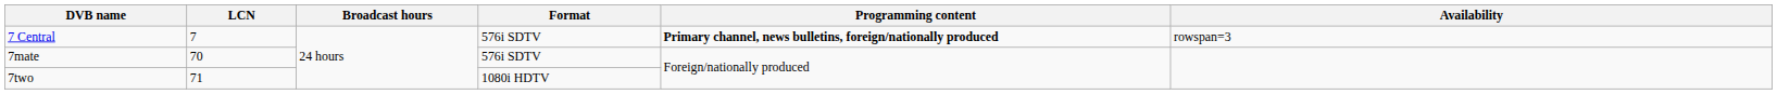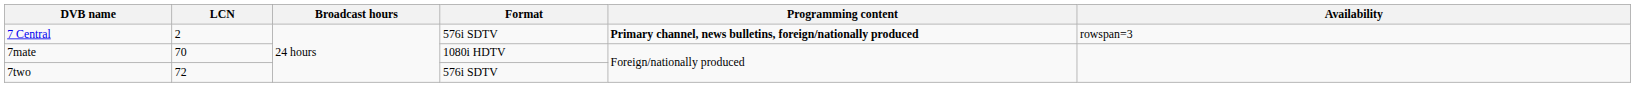 <table class="wikitable" style="font-size:90%; width:100%;">
 <tr>
 <th width="10%">DVB name</th>
 <th width="6%">LCN</th>
 <th width="10%">Broadcast hours</th>
 <th width="10%">Format</th>
 <th width="28%">Programming content</th>
 <th width="33%">Availability</th>
 </tr>
 <tr>
 <td><a href='#'>7 Central</a></td>
-<td>7</td>
+<td>2</td>
 <td rowspan=3>24 hours</td>
 <td>576i SDTV</td>
 <td><strong>Primary channel, news bulletins, foreign/nationally produced </strong></td>
 <td>rowspan=3 </td>
 </tr>
 <tr>
 <td>7mate</td>
 <td>70</td>
-<td>576i SDTV</td>
+<td>1080i HDTV</td>
 <td rowspan=2>Foreign/nationally produced </td>
 </tr>
 <tr>
 <td>7two</td>
-<td>71</td>
-<td>1080i HDTV</td>
+<td>72</td>
+<td>576i SDTV</td>
 </tr>
 </table>
